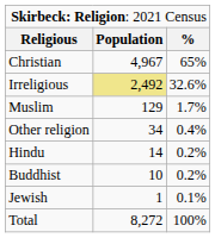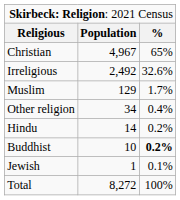 <table class="wikitable">
 <tr>
 <td colspan="14" style="text-align:right;"><strong>Skirbeck: Religion</strong>: 2021 Census</td>
 </tr>
 <tr>
 <th>Religious</th>
 <th>Population</th>
 <th>%</th>
 </tr>
 <tr>
 <td>Christian</td>
 <td style="text-align:right;">4,967</td>
 <td style="text-align:right;">65%</td>
 </tr>
 <tr>
 <td>Irreligious</td>
-<td style="background: khaki; text-align:right;">2,492</td>
+<td style="text-align:right;">2,492</td>
 <td style="text-align:right;">32.6%</td>
 </tr>
 <tr>
 <td>Muslim</td>
 <td style="text-align:right;">129</td>
 <td style="text-align:right;">1.7%</td>
 </tr>
 <tr>
 <td>Other religion</td>
 <td style="text-align:right;">34</td>
 <td style="text-align:right;">0.4%</td>
 </tr>
 <tr>
 <td>Hindu</td>
 <td style="text-align:right;">14</td>
 <td style="text-align:right;">0.2%</td>
 </tr>
 <tr>
 <td>Buddhist</td>
 <td style="text-align:right;">10</td>
-<td style="text-align:right;">0.2%</td>
+<td style="text-align:right;"><strong>0.2%</strong></td>
 </tr>
 <tr>
 <td>Jewish</td>
 <td style="text-align:right;">1</td>
 <td style="text-align:right;">0.1%</td>
 </tr>
 <tr>
 <td>Total</td>
 <td style="text-align:right;">8,272</td>
 <td style="text-align:right;">100%</td>
 </tr>
 </table>
